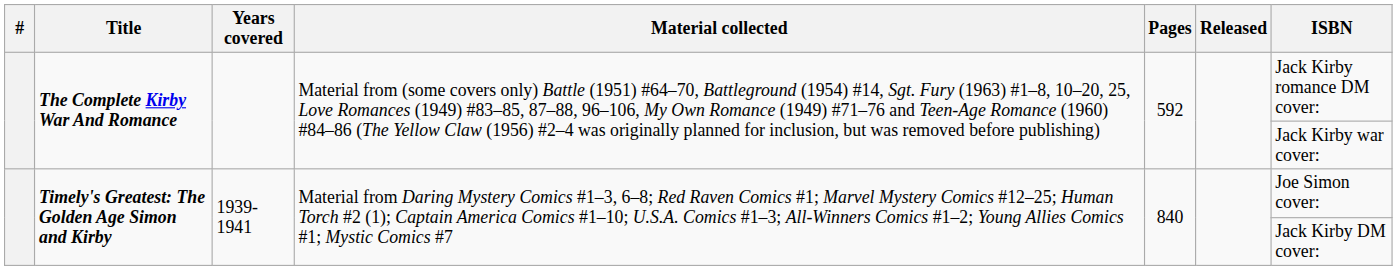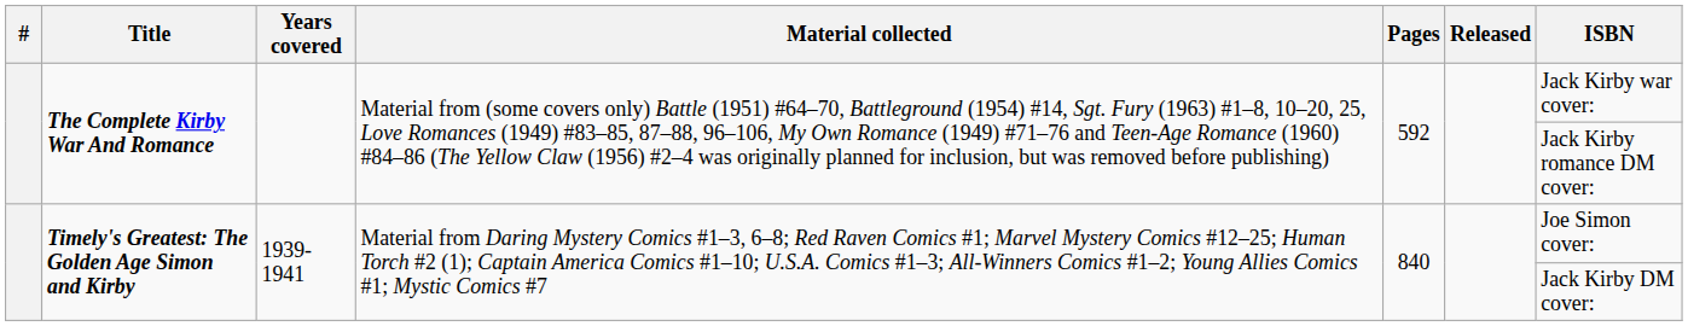 <table class="wikitable sortable" width=99%>
 <tr>
 <th class="unsortable" width=20px>#</th>
 <th>Title</th>
 <th>Years covered</th>
 <th class="unsortable">Material collected</th>
 <th>Pages</th>
 <th>Released</th>
 <th class="unsortable">ISBN</th>
 </tr>
 <tr>
 <th style="background-color: light grey;" rowspan=2></th>
 <td rowspan=2><strong><em>The Complete <a href='#'>Kirby</a> War And Romance</em></strong></td>
 <td rowspan=2></td>
 <td rowspan=2>Material from (some covers only) <em>Battle</em> (1951) #64–70, <em>Battleground</em> (1954) #14, <em>Sgt. Fury</em> (1963) #1–8, 10–20, 25, <em>Love Romances</em> (1949) #83–85, 87–88, 96–106, <em>My Own Romance</em> (1949) #71–76 and <em>Teen-Age Romance</em> (1960) #84–86 (<em>The Yellow Claw</em> (1956) #2–4 was originally planned for inclusion, but was removed before publishing)</td>
 <td style="text-align: center;" rowspan=2>592</td>
 <td rowspan=2></td>
-<td>Jack Kirby romance DM cover: </td>
+<td>Jack Kirby war cover: </td>
 </tr>
 <tr>
-<td>Jack Kirby war cover: </td>
+<td>Jack Kirby romance DM cover: </td>
 </tr>
 <tr>
 <th style="background-color: light grey;" rowspan=2></th>
 <td rowspan=2><strong><em>Timely's Greatest: The Golden Age Simon and Kirby</em></strong></td>
 <td rowspan=2>1939-1941</td>
 <td rowspan=2>Material from <em>Daring Mystery Comics</em> #1–3, 6–8; <em>Red Raven Comics</em> #1; <em>Marvel Mystery Comics</em> #12–25; <em>Human Torch</em> #2 (1); <em>Captain America Comics</em> #1–10; <em>U.S.A. Comics</em> #1–3; <em>All-Winners Comics</em> #1–2; <em>Young Allies Comics</em> #1; <em>Mystic Comics</em> #7</td>
 <td style="text-align: center;" rowspan=2>840</td>
 <td rowspan=2></td>
 <td>Joe Simon cover: </td>
 </tr>
 <tr>
 <td>Jack Kirby DM cover: </td>
 </tr>
 </table>
